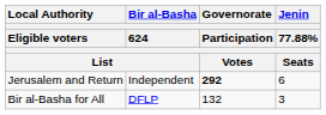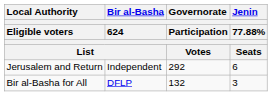 <table class="wikitable">
 <tr>
 <th style="text-align:left;">Local Authority</th>
 <th style="text-align:left;"><a href='#'>Bir al-Basha</a></th>
 <th style="text-align:left;">Governorate</th>
 <th style="text-align:left;"><a href='#'>Jenin</a></th>
 </tr>
 <tr>
 <th colspan=4></th>
 </tr>
 <tr>
 <th style="text-align:left;">Eligible voters</th>
 <th style="text-align:left;">624</th>
 <th style="text-align:left;">Participation</th>
 <th style="text-align:left;">77.88%</th>
 </tr>
 <tr>
 <th colspan=4></th>
 </tr>
 <tr>
 <th colspan=2>List</th>
 <th>Votes</th>
 <th>Seats</th>
 </tr>
 <tr>
 <td>Jerusalem and Return</td>
 <td>Independent</td>
-<td><strong>292</strong></td>
+<td>292</td>
 <td>6</td>
 </tr>
 <tr>
 <td>Bir al-Basha for All</td>
 <td><a href='#'>DFLP</a></td>
 <td>132</td>
 <td>3</td>
 </tr>
 </table>
